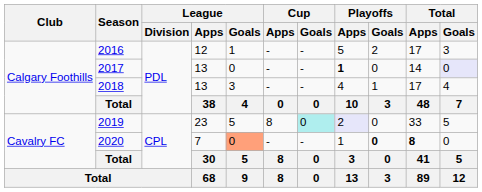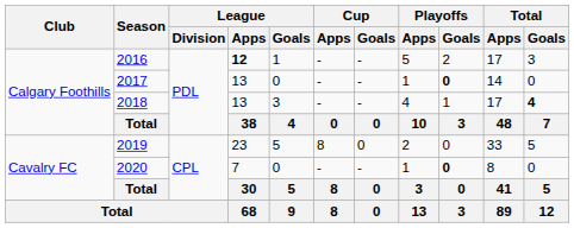 <table class="wikitable">
 <tr>
 <th rowspan="2">Club</th>
 <th rowspan="2">Season</th>
 <th colspan="3">League</th>
 <th colspan="2">Cup</th>
 <th colspan="2">Playoffs</th>
 <th colspan="2">Total</th>
 </tr>
 <tr>
 <th>Division</th>
 <th>Apps</th>
 <th>Goals</th>
 <th>Apps</th>
 <th>Goals</th>
 <th>Apps</th>
 <th>Goals</th>
 <th>Apps</th>
 <th>Goals</th>
 </tr>
 <tr>
 <td rowspan="4"><a href='#'>Calgary Foothills</a></td>
 <td><a href='#'>2016</a></td>
 <td rowspan="4"><a href='#'>PDL</a></td>
-<td>12</td>
+<td><strong>12</strong></td>
 <td>1</td>
 <td>-</td>
 <td>-</td>
 <td>5</td>
 <td>2</td>
 <td>17</td>
 <td>3</td>
 </tr>
 <tr>
 <td><a href='#'>2017</a></td>
 <td>13</td>
 <td>0</td>
 <td>-</td>
 <td>-</td>
-<td><strong>1</strong></td>
+<td>1</td>
+<td><strong>0</strong></td>
+<td>14</td>
 <td>0</td>
-<td>14</td>
-<td style="background: lavender;">0</td>
 </tr>
 <tr>
 <td><a href='#'>2018</a></td>
 <td>13</td>
 <td>3</td>
 <td>-</td>
 <td>-</td>
 <td>4</td>
 <td>1</td>
 <td>17</td>
-<td>4</td>
+<td><strong>4</strong></td>
 </tr>
 <tr>
 <th>Total</th>
 <th>38</th>
 <th>4</th>
 <th>0</th>
 <th>0</th>
 <th>10</th>
 <th>3</th>
 <th>48</th>
 <th>7</th>
 </tr>
 <tr>
 <td rowspan="3"><a href='#'>Cavalry FC</a></td>
 <td><a href='#'>2019</a></td>
 <td rowspan="3"><a href='#'>CPL</a></td>
 <td>23</td>
 <td>5</td>
 <td>8</td>
-<td style="background: paleturquoise;">0</td>
-<td style="background: lavender;">2</td>
+<td>0</td>
+<td>2</td>
 <td>0</td>
 <td>33</td>
 <td>5</td>
 </tr>
 <tr>
 <td><a href='#'>2020</a></td>
 <td>7</td>
-<td style="background: lightsalmon;">0</td>
+<td>0</td>
 <td>-</td>
 <td>-</td>
 <td>1</td>
 <td><strong>0</strong></td>
-<td><strong>8</strong></td>
+<td>8</td>
 <td>0</td>
 </tr>
 <tr>
 <th>Total</th>
 <th>30</th>
 <th>5</th>
 <th>8</th>
 <th>0</th>
 <th>3</th>
 <th>0</th>
 <th>41</th>
 <th>5</th>
 </tr>
 <tr>
 <th colspan="3">Total</th>
 <th>68</th>
 <th>9</th>
 <th>8</th>
 <th>0</th>
 <th>13</th>
 <th>3</th>
 <th>89</th>
 <th>12</th>
 </tr>
 </table>
